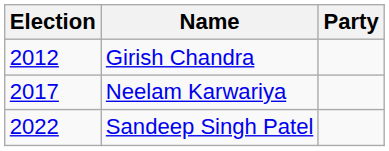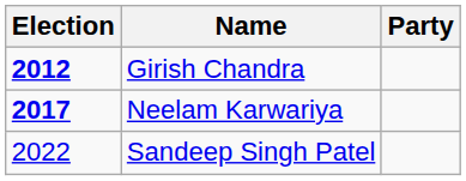 <table class="wikitable sortable">
 <tr>
 <th>Election</th>
 <th>Name</th>
 <th colspan=2>Party</th>
 </tr>
 <tr>
-<td><a href='#'>2012</a></td>
+<td><strong><a href='#'>2012</a></strong></td>
 <td><a href='#'>Girish Chandra</a></td>
 <td></td>
 </tr>
 <tr>
-<td><a href='#'>2017</a></td>
+<td><strong><a href='#'>2017</a></strong></td>
 <td><a href='#'>Neelam Karwariya</a></td>
 <td></td>
 </tr>
 <tr>
 <td><a href='#'>2022</a></td>
 <td><a href='#'>Sandeep Singh Patel</a></td>
 <td></td>
 </tr>
 </table>
